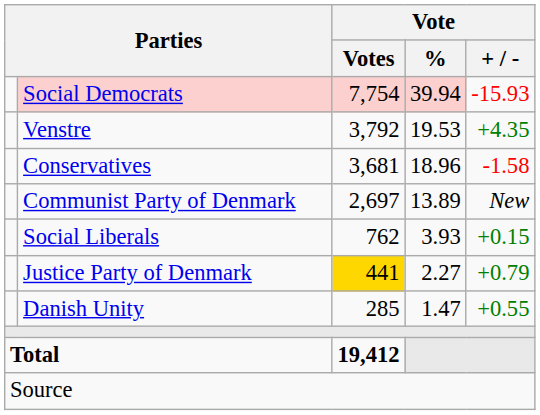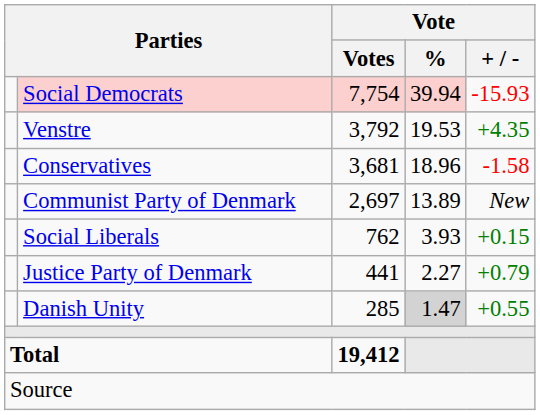 <table class="wikitable" style="text-align:right;">
 <tr>
 <th style="text-align:centre;" rowspan="2" colspan="2" width="225">Parties</th>
 <th colspan="3">Vote</th>
 </tr>
 <tr>
 <th width="15">Votes</th>
 <th width="15">%</th>
 <th width="15">+ / -</th>
 </tr>
 <tr>
 <td width="2" style="color:inherit;background:"></td>
 <td bgcolor=#fbd0ce  align="left"><a href='#'>Social Democrats</a></td>
 <td bgcolor=#fbd0ce>7,754</td>
 <td bgcolor=#fbd0ce>39.94</td>
 <td style=color:red;>-15.93</td>
 </tr>
 <tr>
 <td width="2" style="color:inherit;background:"></td>
 <td align="left"><a href='#'>Venstre</a></td>
 <td>3,792</td>
 <td>19.53</td>
 <td style=color:green;>+4.35</td>
 </tr>
 <tr>
 <td width="2" style="color:inherit;background:"></td>
 <td align="left"><a href='#'>Conservatives</a></td>
 <td>3,681</td>
 <td>18.96</td>
 <td style=color:red;>-1.58</td>
 </tr>
 <tr>
 <td width="2" style="color:inherit;background:"></td>
 <td align="left"><a href='#'>Communist Party of Denmark</a></td>
 <td>2,697</td>
 <td>13.89</td>
 <td><em>New</em></td>
 </tr>
 <tr>
 <td width="2" style="color:inherit;background:"></td>
 <td align="left"><a href='#'>Social Liberals</a></td>
 <td>762</td>
 <td>3.93</td>
 <td style=color:green;>+0.15</td>
 </tr>
 <tr>
 <td width="2" style="color:inherit;background:"></td>
 <td align="left"><a href='#'>Justice Party of Denmark</a></td>
-<td style="background: gold;">441</td>
+<td>441</td>
 <td>2.27</td>
 <td style=color:green;>+0.79</td>
 </tr>
 <tr>
 <td width="2" style="color:inherit;background:"></td>
 <td align="left"><a href='#'>Danish Unity</a></td>
 <td>285</td>
-<td>1.47</td>
+<td style="background: lightgrey;">1.47</td>
 <td style=color:green;>+0.55</td>
 </tr>
 <tr>
 <td colspan="7" bgcolor="#E9E9E9"></td>
 </tr>
 <tr>
 <td align="left" colspan="2"><strong>Total</strong></td>
 <td><strong>19,412</strong></td>
 <td bgcolor="#E9E9E9" colspan="2"></td>
 </tr>
 <tr>
 <td align="left" colspan="6">Source</td>
 </tr>
 </table>
